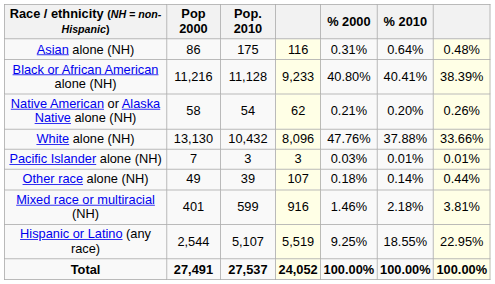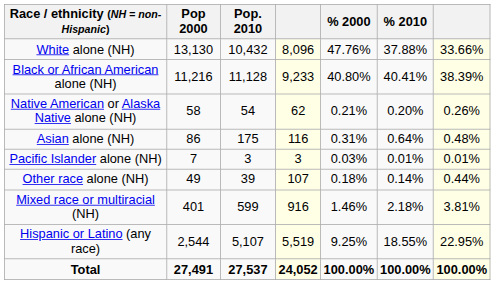 <table class="wikitable" style="text-align:center;">
 <tr>
 <th>Race / ethnicity <small>(<em>NH = non-Hispanic</em>)</small></th>
 <th>Pop 2000</th>
 <th>Pop. 2010</th>
 <th></th>
 <th>% 2000</th>
 <th>% 2010</th>
 <th></th>
 </tr>
 <tr>
-<td><a href='#'>Asian</a> alone (NH)</td>
-<td>86</td>
-<td>175</td>
-<td style='background: #ffffe6;'>116</td>
-<td>0.31%</td>
-<td>0.64%</td>
-<td style='background: #ffffe6;'>0.48%</td>
+<td><a href='#'>White</a> alone (NH)</td>
+<td>13,130</td>
+<td>10,432</td>
+<td style='background: #ffffe6;'>8,096</td>
+<td>47.76%</td>
+<td>37.88%</td>
+<td style='background: #ffffe6;'>33.66%</td>
 </tr>
 <tr>
 <td><a href='#'>Black or African American</a> alone (NH)</td>
 <td>11,216</td>
 <td>11,128</td>
 <td style='background: #ffffe6;'>9,233</td>
 <td>40.80%</td>
 <td>40.41%</td>
 <td style='background: #ffffe6;'>38.39%</td>
 </tr>
 <tr>
 <td><a href='#'>Native American</a> or <a href='#'>Alaska Native</a> alone (NH)</td>
 <td>58</td>
 <td>54</td>
 <td style='background: #ffffe6;'>62</td>
 <td>0.21%</td>
 <td>0.20%</td>
 <td style='background: #ffffe6;'>0.26%</td>
 </tr>
 <tr>
-<td><a href='#'>White</a> alone (NH)</td>
-<td>13,130</td>
-<td>10,432</td>
-<td style='background: #ffffe6;'>8,096</td>
-<td>47.76%</td>
-<td>37.88%</td>
-<td style='background: #ffffe6;'>33.66%</td>
+<td><a href='#'>Asian</a> alone (NH)</td>
+<td>86</td>
+<td>175</td>
+<td style='background: #ffffe6;'>116</td>
+<td>0.31%</td>
+<td>0.64%</td>
+<td style='background: #ffffe6;'>0.48%</td>
 </tr>
 <tr>
 <td><a href='#'>Pacific Islander</a> alone (NH)</td>
 <td>7</td>
 <td>3</td>
 <td style='background: #ffffe6;'>3</td>
 <td>0.03%</td>
 <td>0.01%</td>
 <td style='background: #ffffe6;'>0.01%</td>
 </tr>
 <tr>
 <td><a href='#'>Other race</a> alone (NH)</td>
 <td>49</td>
 <td>39</td>
 <td style='background: #ffffe6;'>107</td>
 <td>0.18%</td>
 <td>0.14%</td>
 <td style='background: #ffffe6;'>0.44%</td>
 </tr>
 <tr>
 <td><a href='#'>Mixed race or multiracial</a> (NH)</td>
 <td>401</td>
 <td>599</td>
 <td style='background: #ffffe6;'>916</td>
 <td>1.46%</td>
 <td>2.18%</td>
 <td style='background: #ffffe6;'>3.81%</td>
 </tr>
 <tr>
 <td><a href='#'>Hispanic or Latino</a> (any race)</td>
 <td>2,544</td>
 <td>5,107</td>
 <td style='background: #ffffe6;'>5,519</td>
 <td>9.25%</td>
 <td>18.55%</td>
 <td style='background: #ffffe6;'>22.95%</td>
 </tr>
 <tr>
 <td><strong>Total</strong></td>
 <td><strong>27,491</strong></td>
 <td><strong>27,537</strong></td>
 <td style='background: #ffffe6;'><strong>24,052</strong></td>
 <td><strong>100.00%</strong></td>
 <td><strong>100.00%</strong></td>
 <td style='background: #ffffe6;'><strong>100.00%</strong></td>
 </tr>
 </table>
